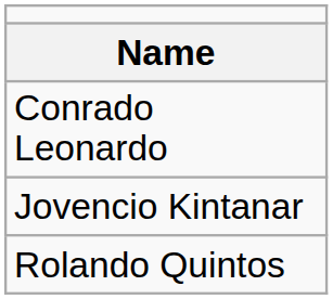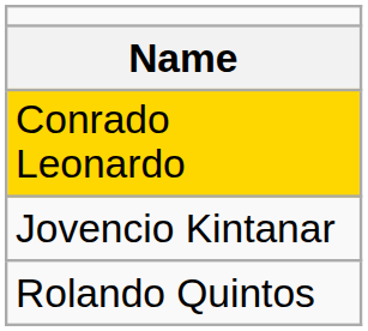 <table class=wikitable style="font-size:90%">
 <tr>
 <td bgcolor=></td>
 </tr>
 <tr>
 <th width=120px>Name</th>
 </tr>
 <tr>
-<td>Conrado Leonardo</td>
+<td style="background: gold;">Conrado Leonardo</td>
 </tr>
 <tr>
 <td>Jovencio Kintanar</td>
 </tr>
 <tr>
 <td>Rolando Quintos</td>
 </tr>
 </table>
